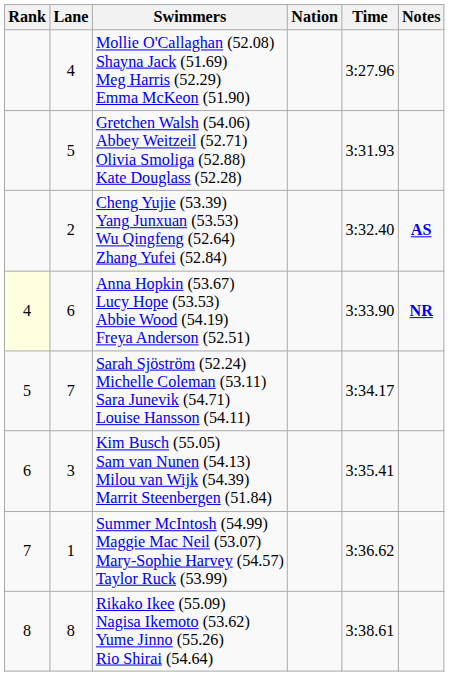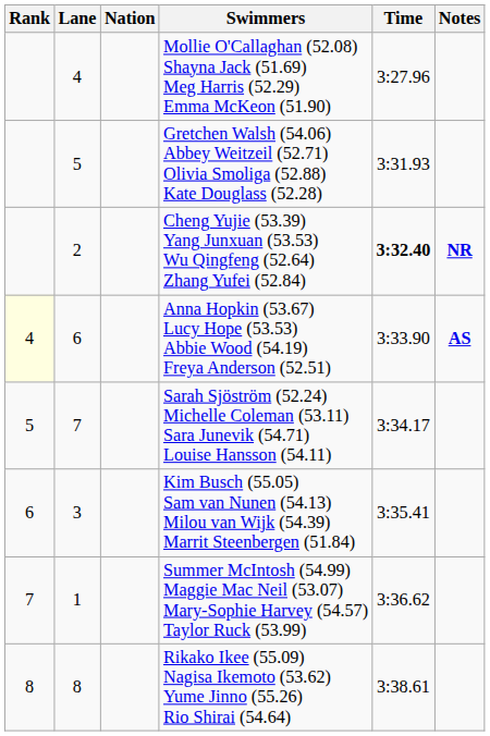 <table class="wikitable sortable" style="text-align:center">
 <tr>
 <th>Rank</th>
 <th>Lane</th>
+<th>Nation</th>
 <th>Swimmers</th>
-<th>Nation</th>
 <th>Time</th>
 <th>Notes</th>
 </tr>
 <tr>
 <td></td>
 <td>4</td>
+<td align=left></td>
 <td align=left><a href='#'>Mollie O'Callaghan</a> (52.08)<br><a href='#'>Shayna Jack</a> (51.69)<br><a href='#'>Meg Harris</a> (52.29)<br><a href='#'>Emma McKeon</a> (51.90)</td>
-<td align=left></td>
 <td>3:27.96</td>
 <td></td>
 </tr>
 <tr>
 <td></td>
 <td>5</td>
+<td align=left></td>
 <td align=left><a href='#'>Gretchen Walsh</a> (54.06)<br><a href='#'>Abbey Weitzeil</a> (52.71)<br><a href='#'>Olivia Smoliga</a> (52.88)<br><a href='#'>Kate Douglass</a> (52.28)</td>
-<td align=left></td>
 <td>3:31.93</td>
 <td></td>
 </tr>
 <tr>
 <td></td>
 <td>2</td>
+<td align=left></td>
 <td align=left><a href='#'>Cheng Yujie</a> (53.39)<br><a href='#'>Yang Junxuan</a> (53.53)<br><a href='#'>Wu Qingfeng</a> (52.64)<br><a href='#'>Zhang Yufei</a> (52.84)</td>
-<td align=left></td>
-<td>3:32.40</td>
-<td><strong><a href='#'>AS</a></strong></td>
+<td><strong>3:32.40</strong></td>
+<td><strong><a href='#'>NR</a></strong></td>
 </tr>
 <tr>
 <td style="background: lightyellow;">4</td>
 <td>6</td>
+<td align=left></td>
 <td align=left><a href='#'>Anna Hopkin</a> (53.67)<br><a href='#'>Lucy Hope</a> (53.53)<br><a href='#'>Abbie Wood</a> (54.19)<br><a href='#'>Freya Anderson</a> (52.51)</td>
-<td align=left></td>
 <td>3:33.90</td>
-<td><strong><a href='#'>NR</a></strong></td>
+<td><strong><a href='#'>AS</a></strong></td>
 </tr>
 <tr>
 <td>5</td>
 <td>7</td>
+<td align=left></td>
 <td align=left><a href='#'>Sarah Sjöström</a> (52.24)<br><a href='#'>Michelle Coleman</a> (53.11)<br><a href='#'>Sara Junevik</a> (54.71)<br><a href='#'>Louise Hansson</a> (54.11)</td>
-<td align=left></td>
 <td>3:34.17</td>
 <td></td>
 </tr>
 <tr>
 <td>6</td>
 <td>3</td>
+<td align=left></td>
 <td align=left><a href='#'>Kim Busch</a> (55.05)<br><a href='#'>Sam van Nunen</a> (54.13)<br><a href='#'>Milou van Wijk</a> (54.39)<br><a href='#'>Marrit Steenbergen</a> (51.84)</td>
-<td align=left></td>
 <td>3:35.41</td>
 <td></td>
 </tr>
 <tr>
 <td>7</td>
 <td>1</td>
+<td align=left></td>
 <td align=left><a href='#'>Summer McIntosh</a> (54.99)<br><a href='#'>Maggie Mac Neil</a> (53.07)<br><a href='#'>Mary-Sophie Harvey</a> (54.57)<br><a href='#'>Taylor Ruck</a> (53.99)</td>
-<td align=left></td>
 <td>3:36.62</td>
 <td></td>
 </tr>
 <tr>
 <td>8</td>
 <td>8</td>
+<td align=left></td>
 <td align=left><a href='#'>Rikako Ikee</a> (55.09)<br><a href='#'>Nagisa Ikemoto</a> (53.62)<br><a href='#'>Yume Jinno</a> (55.26)<br><a href='#'>Rio Shirai</a> (54.64)</td>
-<td align=left></td>
 <td>3:38.61</td>
 <td></td>
 </tr>
 </table>
